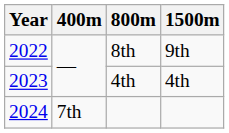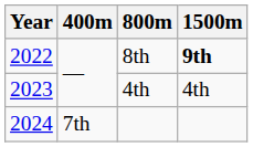 <table class="wikitable">
 <tr>
 <th>Year</th>
 <th>400m</th>
 <th>800m</th>
 <th>1500m</th>
 </tr>
 <tr>
 <td><a href='#'>2022</a></td>
 <td rowspan="2">—</td>
 <td>8th</td>
-<td>9th</td>
+<td><strong>9th</strong></td>
 </tr>
 <tr>
 <td><a href='#'>2023</a></td>
 <td>4th</td>
 <td>4th</td>
 </tr>
 <tr>
 <td><a href='#'>2024</a></td>
 <td>7th</td>
 <td></td>
 <td></td>
 </tr>
 </table>
